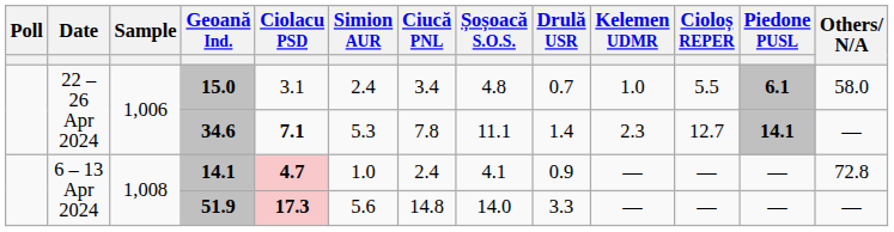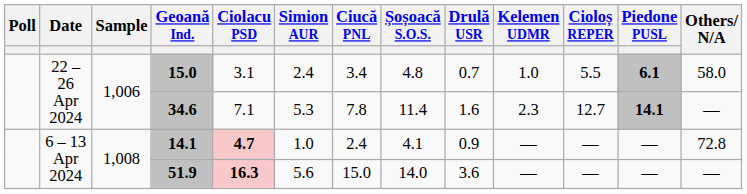 <table class="wikitable" style="text-align:center;font-size:85%;line-height:14px;">
 <tr>
 <th>Poll</th>
 <th>Date</th>
 <th>Sample</th>
 <th class="unsortable" style="width:20px;"><a href='#'>Geoană</a><br><small><a href='#'>Ind.</a></small></th>
 <th class="unsortable" style="width:20px;"><a href='#'>Ciolacu</a><br><small><a href='#'>PSD</a></small></th>
 <th class="unsortable" style="width:20px;"><a href='#'>Simion</a><br><small><a href='#'>AUR</a></small></th>
 <th class="unsortable" style="width:20px;"><a href='#'>Ciucă</a><br><small><a href='#'>PNL</a></small></th>
 <th class="unsortable" style="width:20px;"><a href='#'>Șoșoacă</a><br><small><a href='#'>S.O.S.</a></small></th>
 <th class="unsortable" style="width:20px;"><a href='#'>Drulă</a><br><small><a href='#'>USR</a></small></th>
 <th class="unsortable" style="width:20px;"><a href='#'>Kelemen</a><br><small><a href='#'>UDMR</a></small></th>
 <th class="unsortable" style="width:20px;"><a href='#'>Cioloș</a><br><small><a href='#'>REPER</a></small></th>
 <th class="unsortable" style="width:20px;"><a href='#'>Piedone</a><br><small><a href='#'>PUSL</a></small></th>
 <th rowspan="2"><strong>Others/</strong><br><strong>N/A</strong></th>
 </tr>
 <tr>
 <th></th>
 <th></th>
 <th></th>
 <th style="background:"></th>
 <th style="background:"></th>
 <th style="background:"></th>
 <th style="background:"></th>
 <th style="background:"></th>
 <th style="background:"></th>
 <th style="background:"></th>
 <th style="background:"></th>
 <th style="background:"></th>
 </tr>
 <tr>
 <td rowspan="2"></td>
 <td rowspan="2">22 – 26 Apr 2024</td>
 <td rowspan="2">1,006</td>
 <td style="background:#C0C0C0"><strong>15.0</strong></td>
 <td>3.1</td>
 <td>2.4</td>
 <td>3.4</td>
 <td>4.8</td>
 <td>0.7</td>
 <td>1.0</td>
 <td>5.5</td>
 <td style="background:#C0C0C0"><strong>6.1</strong></td>
 <td>58.0</td>
 </tr>
 <tr>
 <td style="background:#C0C0C0"><strong>34.6</strong></td>
-<td><strong>7.1</strong></td>
+<td>7.1</td>
 <td>5.3</td>
 <td>7.8</td>
-<td>11.1</td>
-<td>1.4</td>
+<td>11.4</td>
+<td>1.6</td>
 <td>2.3</td>
 <td>12.7</td>
 <td style="background:#C0C0C0"><strong>14.1</strong></td>
 <td>—</td>
 </tr>
 <tr>
 <td rowspan="2"></td>
 <td rowspan="2">6 – 13 Apr 2024</td>
 <td rowspan="2">1,008</td>
 <td style="background:#C0C0C0"><strong>14.1</strong></td>
 <td style="background:#F9C8CA"><strong>4.7</strong></td>
 <td>1.0</td>
 <td>2.4</td>
 <td>4.1</td>
 <td>0.9</td>
 <td>—</td>
 <td>—</td>
 <td>—</td>
 <td>72.8</td>
 </tr>
 <tr>
 <td style="background:#C0C0C0"><strong>51.9</strong></td>
-<td style="background:#F9C8CA"><strong>17.3</strong></td>
+<td style="background:#F9C8CA"><strong>16.3</strong></td>
 <td>5.6</td>
-<td>14.8</td>
+<td>15.0</td>
 <td>14.0</td>
-<td>3.3</td>
+<td>3.6</td>
 <td>—</td>
 <td>—</td>
 <td>—</td>
 <td>—</td>
 </tr>
 </table>
